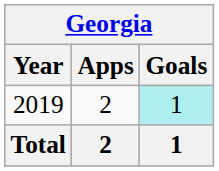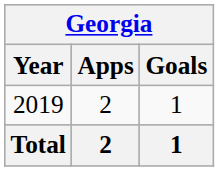 <table class="wikitable" style="text-align:center">
 <tr>
 <th colspan=3><a href='#'>Georgia</a></th>
 </tr>
 <tr>
 <th>Year</th>
 <th>Apps</th>
 <th>Goals</th>
 </tr>
 <tr>
 <td>2019</td>
 <td>2</td>
-<td style="background: paleturquoise;">1</td>
+<td>1</td>
 </tr>
 <tr>
 <th>Total</th>
 <th>2</th>
 <th>1</th>
 </tr>
 </table>
